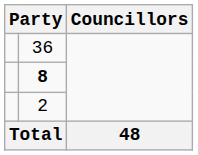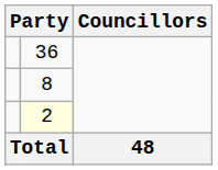 <table class="wikitable">
 <tr>
 <th colspan=2>Party</th>
 <th>Councillors</th>
 </tr>
 <tr>
 <td></td>
 <td align=center>36</td>
 </tr>
 <tr>
 <td></td>
-<td align=center><strong>8</strong></td>
+<td align=center>8</td>
 </tr>
 <tr>
 <td></td>
-<td align=center>2</td>
+<td align=center style="background: lightyellow;">2</td>
 </tr>
 <tr>
 <th colspan=2>Total</th>
 <th align=center>48</th>
 </tr>
 </table>
